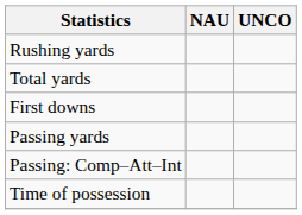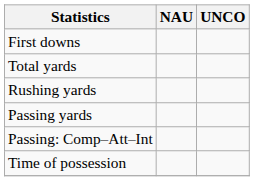 <table class="wikitable" style="float: left;">
 <tr>
 <th>Statistics</th>
 <th>NAU</th>
 <th>UNCO</th>
 </tr>
 <tr>
-<td>Rushing yards</td>
+<td>First downs</td>
 <td></td>
 <td></td>
 </tr>
 <tr>
 <td>Total yards</td>
 <td></td>
 <td></td>
 </tr>
 <tr>
-<td>First downs</td>
+<td>Rushing yards</td>
 <td></td>
 <td></td>
 </tr>
 <tr>
 <td>Passing yards</td>
 <td></td>
 <td></td>
 </tr>
 <tr>
 <td>Passing: Comp–Att–Int</td>
 <td></td>
 <td></td>
 </tr>
 <tr>
 <td>Time of possession</td>
 <td></td>
 <td></td>
 </tr>
 <tr>
 </tr>
 </table>
